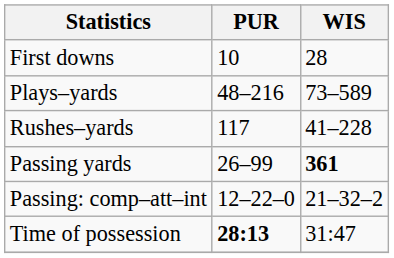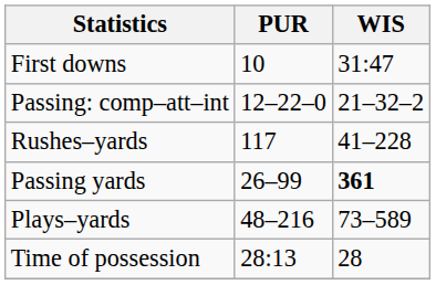 <table class="wikitable" style="float: left;">
 <tr>
 <th>Statistics</th>
 <th>PUR</th>
 <th>WIS</th>
 </tr>
 <tr>
 <td>First downs</td>
 <td>10</td>
-<td>28</td>
+<td>31:47</td>
 </tr>
 <tr>
-<td>Plays–yards</td>
-<td>48–216</td>
-<td>73–589</td>
+<td>Passing: comp–att–int</td>
+<td>12–22–0</td>
+<td>21–32–2</td>
 </tr>
 <tr>
 <td>Rushes–yards</td>
 <td>117</td>
 <td>41–228</td>
 </tr>
 <tr>
 <td>Passing yards</td>
 <td>26–99</td>
 <td><strong>361</strong></td>
 </tr>
 <tr>
-<td>Passing: comp–att–int</td>
-<td>12–22–0</td>
-<td>21–32–2</td>
+<td>Plays–yards</td>
+<td>48–216</td>
+<td>73–589</td>
 </tr>
 <tr>
 <td>Time of possession</td>
-<td><strong>28:13</strong></td>
-<td>31:47</td>
+<td>28:13</td>
+<td>28</td>
 </tr>
 <tr>
 </tr>
 </table>
